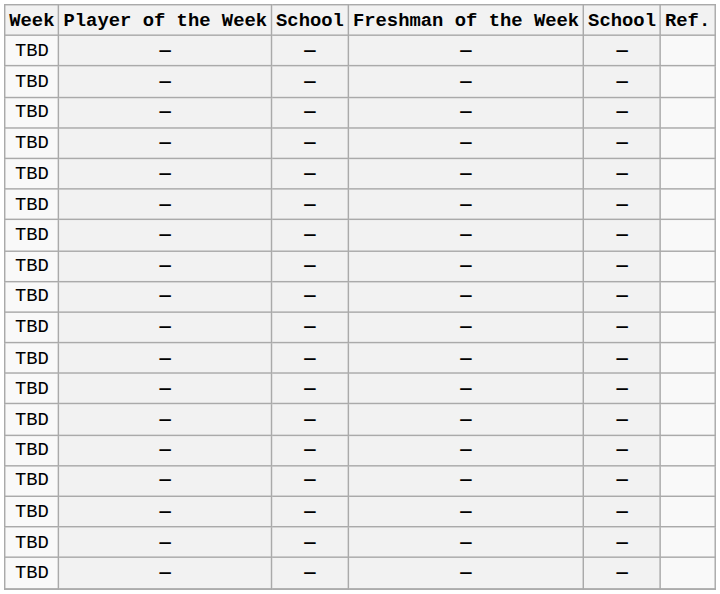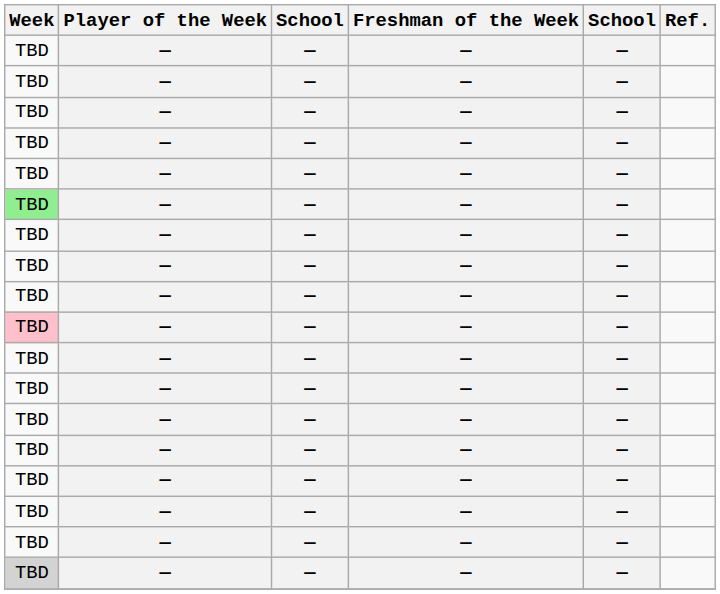 <table class=wikitable style="text-align:center">
 <tr>
 <th>Week</th>
 <th>Player of the Week</th>
 <th>School</th>
 <th>Freshman of the Week</th>
 <th>School</th>
 <th>Ref.</th>
 </tr>
 <tr>
 <td>TBD</td>
+<th>―</th>
+<th>―</th>
+<th>―</th>
+<th>―</th>
+<td></td>
+</tr>
+<tr>
+<td>TBD</td>
+<th>―</th>
+<th>―</th>
+<th>―</th>
+<th>―</th>
+<td></td>
+</tr>
+<tr>
+<td>TBD</td>
+<th>―</th>
+<th>―</th>
+<th>―</th>
+<th>―</th>
+<td></td>
+</tr>
+<tr>
+<td>TBD</td>
+<th>―</th>
+<th>―</th>
+<th>―</th>
+<th>―</th>
+<td></td>
+</tr>
+<tr>
+<td>TBD</td>
+<th>―</th>
+<th>―</th>
+<th>―</th>
+<th>―</th>
+<td></td>
+</tr>
+<tr>
+<td style="background: lightgreen;">TBD</td>
+<th>―</th>
+<th>―</th>
+<th>―</th>
+<th>―</th>
+<td></td>
+</tr>
+<tr>
+<td>TBD</td>
+<th>―</th>
+<th>―</th>
+<th>―</th>
+<th>―</th>
+<td></td>
+</tr>
+<tr>
+<td>TBD</td>
+<th>―</th>
+<th>―</th>
+<th>―</th>
+<th>―</th>
+<td></td>
+</tr>
+<tr>
+<td>TBD</td>
+<th>―</th>
+<th>―</th>
+<th>―</th>
+<th>―</th>
+<td></td>
+</tr>
+<tr>
+<td style="background: pink;">TBD</td>
 <th>―</th>
 <th>―</th>
 <th>―</th>
 <th>―</th>
 <td></td>
 </tr>
 <tr>
 <td>TBD</td>
 <th>―</th>
 <th>―</th>
 <th>―</th>
 <th>―</th>
 <td></td>
 </tr>
 <tr>
 <td>TBD</td>
 <th>―</th>
 <th>―</th>
 <th>―</th>
 <th>―</th>
 <td></td>
 </tr>
 <tr>
 <td>TBD</td>
 <th>―</th>
 <th>―</th>
 <th>―</th>
 <th>―</th>
 <td></td>
 </tr>
 <tr>
 <td>TBD</td>
 <th>―</th>
 <th>―</th>
 <th>―</th>
 <th>―</th>
 <td></td>
 </tr>
 <tr>
 <td>TBD</td>
 <th>―</th>
 <th>―</th>
 <th>―</th>
 <th>―</th>
 <td></td>
 </tr>
 <tr>
 <td>TBD</td>
 <th>―</th>
 <th>―</th>
 <th>―</th>
 <th>―</th>
 <td></td>
 </tr>
 <tr>
 <td>TBD</td>
 <th>―</th>
 <th>―</th>
 <th>―</th>
 <th>―</th>
 <td></td>
 </tr>
 <tr>
-<td>TBD</td>
-<th>―</th>
-<th>―</th>
-<th>―</th>
-<th>―</th>
-<td></td>
-</tr>
-<tr>
-<td>TBD</td>
-<th>―</th>
-<th>―</th>
-<th>―</th>
-<th>―</th>
-<td></td>
-</tr>
-<tr>
-<td>TBD</td>
-<th>―</th>
-<th>―</th>
-<th>―</th>
-<th>―</th>
-<td></td>
-</tr>
-<tr>
-<td>TBD</td>
-<th>―</th>
-<th>―</th>
-<th>―</th>
-<th>―</th>
-<td></td>
-</tr>
-<tr>
-<td>TBD</td>
-<th>―</th>
-<th>―</th>
-<th>―</th>
-<th>―</th>
-<td></td>
-</tr>
-<tr>
-<td>TBD</td>
-<th>―</th>
-<th>―</th>
-<th>―</th>
-<th>―</th>
-<td></td>
-</tr>
-<tr>
-<td>TBD</td>
-<th>―</th>
-<th>―</th>
-<th>―</th>
-<th>―</th>
-<td></td>
-</tr>
-<tr>
-<td>TBD</td>
-<th>―</th>
-<th>―</th>
-<th>―</th>
-<th>―</th>
-<td></td>
-</tr>
-<tr>
-<td>TBD</td>
-<th>―</th>
-<th>―</th>
-<th>―</th>
-<th>―</th>
-<td></td>
-</tr>
-<tr>
-<td>TBD</td>
+<td style="background: lightgrey;">TBD</td>
 <th>―</th>
 <th>―</th>
 <th>―</th>
 <th>―</th>
 <td></td>
 </tr>
 <tr>
 </tr>
 </table>
